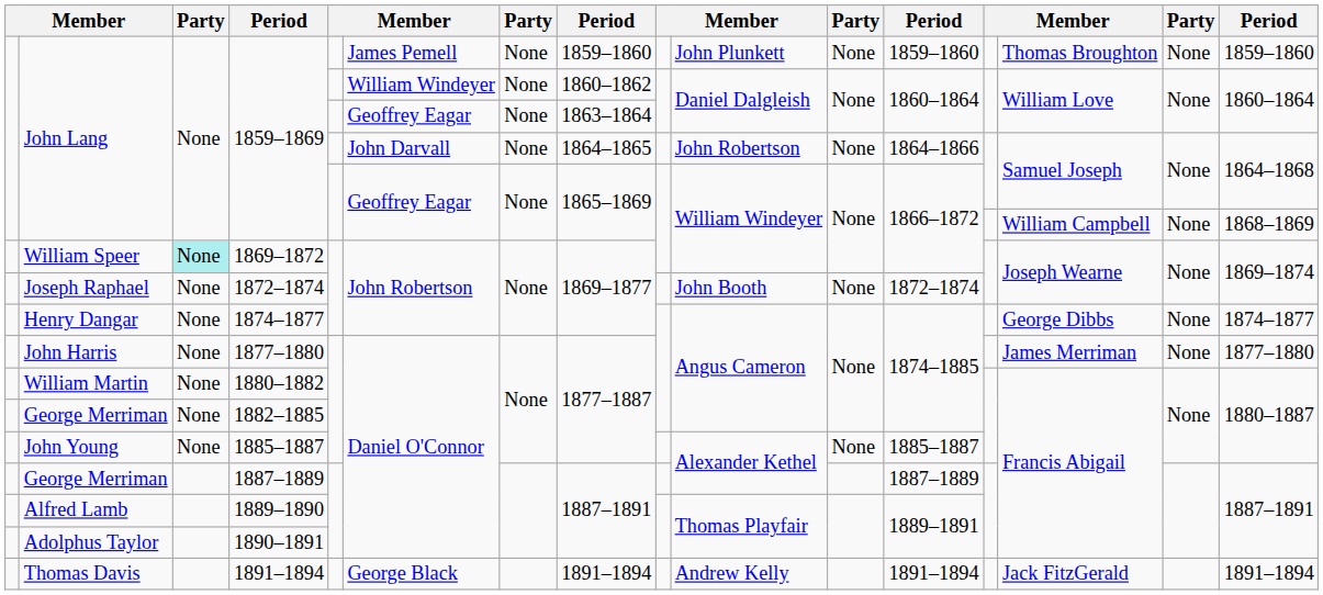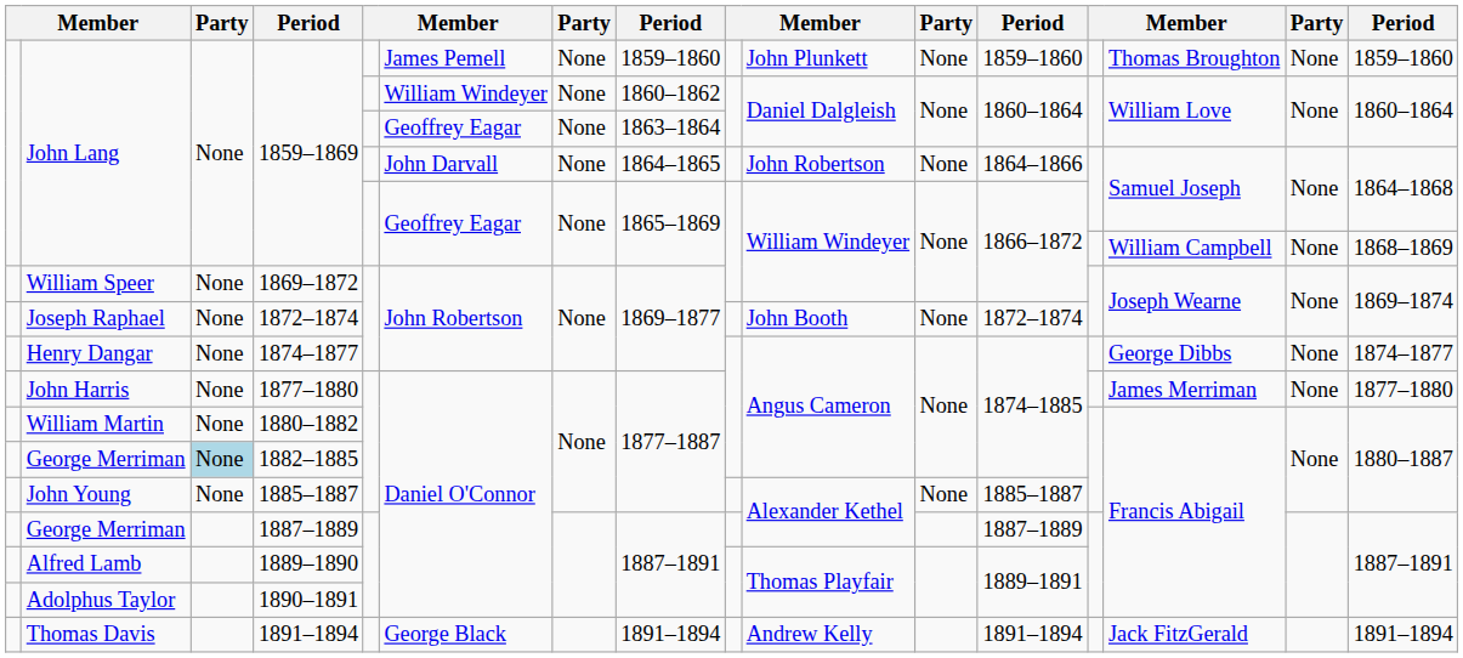 <table class="wikitable">
 <tr>
 <th colspan="2">Member</th>
 <th>Party</th>
 <th>Period</th>
 <th colspan="2">Member</th>
 <th>Party</th>
 <th>Period</th>
 <th colspan="2">Member</th>
 <th>Party</th>
 <th>Period</th>
 <th colspan="2">Member</th>
 <th>Party</th>
 <th>Period</th>
 </tr>
 <tr>
 <td rowspan="7" > </td>
 <td rowspan="7"><a href='#'>John Lang</a></td>
 <td rowspan="7">None</td>
 <td rowspan="7">1859–1869</td>
 <td> </td>
 <td><a href='#'>James Pemell</a></td>
 <td>None</td>
 <td>1859–1860</td>
 <td> </td>
 <td><a href='#'>John Plunkett</a></td>
 <td>None</td>
 <td>1859–1860</td>
 <td> </td>
 <td><a href='#'>Thomas Broughton</a></td>
 <td>None</td>
 <td>1859–1860</td>
 </tr>
 <tr>
 <td> </td>
 <td><a href='#'>William Windeyer</a></td>
 <td>None</td>
 <td>1860–1862</td>
 <td rowspan="2" > </td>
 <td rowspan="2"><a href='#'>Daniel Dalgleish</a></td>
 <td rowspan="2">None</td>
 <td rowspan="2">1860–1864</td>
 <td rowspan="2" > </td>
 <td rowspan="2"><a href='#'>William Love</a></td>
 <td rowspan="2">None</td>
 <td rowspan="2">1860–1864</td>
 </tr>
 <tr>
 <td> </td>
 <td><a href='#'>Geoffrey Eagar</a></td>
 <td>None</td>
 <td>1863–1864</td>
 </tr>
 <tr>
 <td> </td>
 <td><a href='#'>John Darvall</a></td>
 <td>None</td>
 <td>1864–1865</td>
 <td rowspan="2" > </td>
 <td rowspan="2"><a href='#'>John Robertson</a></td>
 <td rowspan="2">None</td>
 <td rowspan="2">1864–1866</td>
 <td rowspan="3" > </td>
 <td rowspan="3"><a href='#'>Samuel Joseph</a></td>
 <td rowspan="3">None</td>
 <td rowspan="3">1864–1868</td>
 </tr>
 <tr>
 <td rowspan="3" ><br><br> </td>
 <td rowspan="3"><a href='#'>Geoffrey Eagar</a></td>
 <td rowspan="3">None</td>
 <td rowspan="3">1865–1869</td>
 </tr>
 <tr>
 <td rowspan="3" > </td>
 <td rowspan="3"><a href='#'>William Windeyer</a></td>
 <td rowspan="3">None</td>
 <td rowspan="3">1866–1872</td>
 </tr>
 <tr>
 <td> </td>
 <td><a href='#'>William Campbell</a></td>
 <td>None</td>
 <td>1868–1869</td>
 </tr>
 <tr>
 <td> </td>
 <td><a href='#'>William Speer</a></td>
-<td style="background: paleturquoise;">None</td>
+<td>None</td>
 <td>1869–1872</td>
 <td rowspan="3" > </td>
 <td rowspan="3"><a href='#'>John Robertson</a></td>
 <td rowspan="3">None</td>
 <td rowspan="3">1869–1877</td>
 <td rowspan="2" > </td>
 <td rowspan="2"><a href='#'>Joseph Wearne</a></td>
 <td rowspan="2">None</td>
 <td rowspan="2">1869–1874</td>
 </tr>
 <tr>
 <td> </td>
 <td><a href='#'>Joseph Raphael</a></td>
 <td>None</td>
 <td>1872–1874</td>
 <td> </td>
 <td><a href='#'>John Booth</a></td>
 <td>None</td>
 <td>1872–1874</td>
 </tr>
 <tr>
 <td> </td>
 <td><a href='#'>Henry Dangar</a></td>
 <td>None</td>
 <td>1874–1877</td>
 <td rowspan="4" > </td>
 <td rowspan="4"><a href='#'>Angus Cameron</a></td>
 <td rowspan="4">None</td>
 <td rowspan="4">1874–1885</td>
 <td> </td>
 <td><a href='#'>George Dibbs</a></td>
 <td>None</td>
 <td>1874–1877</td>
 </tr>
 <tr>
 <td> </td>
 <td><a href='#'>John Harris</a></td>
 <td>None</td>
 <td>1877–1880</td>
 <td rowspan="4" > </td>
 <td rowspan="7"><a href='#'>Daniel O'Connor</a></td>
 <td rowspan="4">None</td>
 <td rowspan="4">1877–1887</td>
 <td> </td>
 <td><a href='#'>James Merriman</a></td>
 <td>None</td>
 <td>1877–1880</td>
 </tr>
 <tr>
 <td> </td>
 <td><a href='#'>William Martin</a></td>
 <td>None</td>
 <td>1880–1882</td>
 <td rowspan="3" > </td>
 <td rowspan="6"><a href='#'>Francis Abigail</a></td>
 <td rowspan="3">None</td>
 <td rowspan="3">1880–1887</td>
 </tr>
 <tr>
 <td> </td>
 <td><a href='#'>George Merriman</a></td>
-<td>None</td>
+<td style="background: lightblue;">None</td>
 <td>1882–1885</td>
 </tr>
 <tr>
 <td> </td>
 <td><a href='#'>John Young</a></td>
 <td>None</td>
 <td>1885–1887</td>
 <td> </td>
 <td rowspan="2"><a href='#'>Alexander Kethel</a></td>
 <td>None</td>
 <td>1885–1887</td>
 </tr>
 <tr>
 <td> </td>
 <td><a href='#'>George Merriman</a></td>
 <td></td>
 <td>1887–1889</td>
 <td rowspan="3" > </td>
 <td rowspan="3"></td>
 <td rowspan="3">1887–1891</td>
 <td> </td>
 <td></td>
 <td>1887–1889</td>
 <td rowspan="3" > </td>
 <td rowspan="3"></td>
 <td rowspan="3">1887–1891</td>
 </tr>
 <tr>
 <td> </td>
 <td><a href='#'>Alfred Lamb</a></td>
 <td></td>
 <td>1889–1890</td>
 <td rowspan="2" > </td>
 <td rowspan="2"><a href='#'>Thomas Playfair</a></td>
 <td rowspan="2"></td>
 <td rowspan="2">1889–1891</td>
 </tr>
 <tr>
 <td> </td>
 <td><a href='#'>Adolphus Taylor</a></td>
 <td></td>
 <td>1890–1891</td>
 </tr>
 <tr>
 <td> </td>
 <td><a href='#'>Thomas Davis</a></td>
 <td></td>
 <td>1891–1894</td>
 <td> </td>
 <td><a href='#'>George Black</a></td>
 <td></td>
 <td>1891–1894</td>
 <td> </td>
 <td><a href='#'>Andrew Kelly</a></td>
 <td></td>
 <td>1891–1894</td>
 <td> </td>
 <td><a href='#'>Jack FitzGerald</a></td>
 <td></td>
 <td>1891–1894</td>
 </tr>
 </table>
